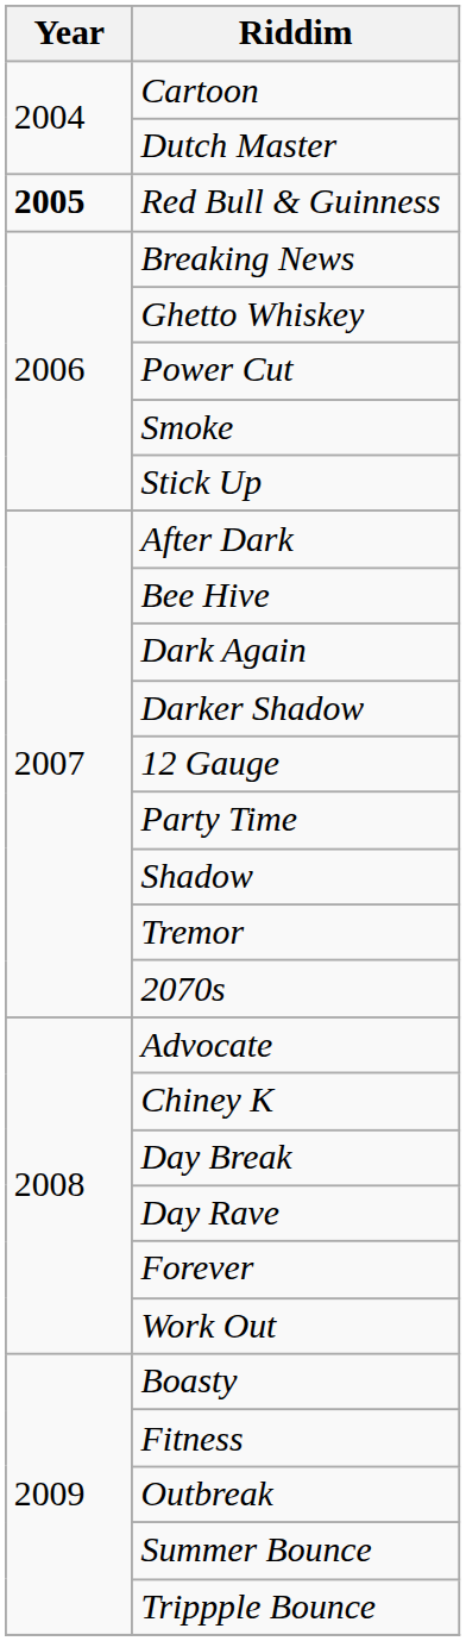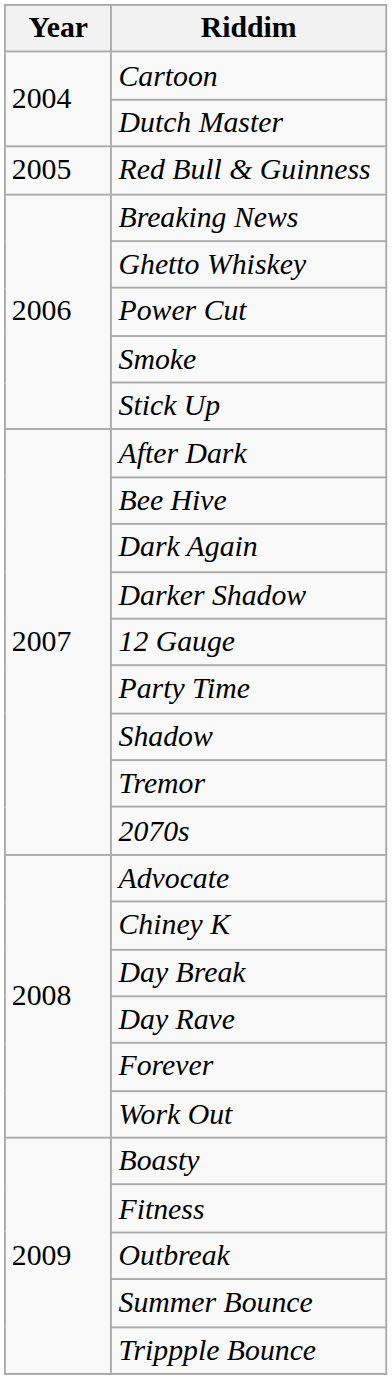 <table class="wikitable">
 <tr>
 <th width="50">Year</th>
 <th width="140">Riddim</th>
 </tr>
 <tr>
 <td rowspan="2">2004</td>
 <td><em>Cartoon</em></td>
 </tr>
 <tr>
 <td><em>Dutch Master</em></td>
 </tr>
 <tr>
-<td><strong>2005</strong></td>
+<td>2005</td>
 <td><em>Red Bull & Guinness</em></td>
 </tr>
 <tr>
 <td rowspan="5">2006</td>
 <td><em>Breaking News</em></td>
 </tr>
 <tr>
 <td><em>Ghetto Whiskey</em></td>
 </tr>
 <tr>
 <td><em>Power Cut</em></td>
 </tr>
 <tr>
 <td><em>Smoke</em></td>
 </tr>
 <tr>
 <td><em>Stick Up</em></td>
 </tr>
 <tr>
 <td rowspan="9">2007</td>
 <td><em>After Dark</em></td>
 </tr>
 <tr>
 <td><em>Bee Hive</em></td>
 </tr>
 <tr>
 <td><em>Dark Again</em></td>
 </tr>
 <tr>
 <td><em>Darker Shadow</em></td>
 </tr>
 <tr>
 <td><em>12 Gauge</em></td>
 </tr>
 <tr>
 <td><em>Party Time</em></td>
 </tr>
 <tr>
 <td><em>Shadow</em></td>
 </tr>
 <tr>
 <td><em>Tremor</em></td>
 </tr>
 <tr>
 <td><em>2070s</em></td>
 </tr>
 <tr>
 <td rowspan="6">2008</td>
 <td><em>Advocate</em></td>
 </tr>
 <tr>
 <td><em>Chiney K</em></td>
 </tr>
 <tr>
 <td><em>Day Break</em></td>
 </tr>
 <tr>
 <td><em>Day Rave</em></td>
 </tr>
 <tr>
 <td><em>Forever</em></td>
 </tr>
 <tr>
 <td><em>Work Out</em></td>
 </tr>
 <tr>
 <td rowspan="5">2009</td>
 <td><em>Boasty</em></td>
 </tr>
 <tr>
 <td><em>Fitness</em></td>
 </tr>
 <tr>
 <td><em>Outbreak</em></td>
 </tr>
 <tr>
 <td><em>Summer Bounce</em></td>
 </tr>
 <tr>
 <td><em>Trippple Bounce</em></td>
 </tr>
 <tr>
 </tr>
 </table>
